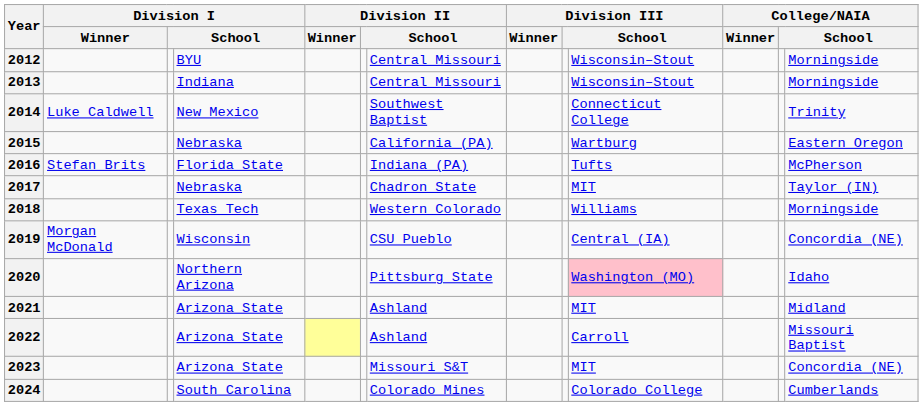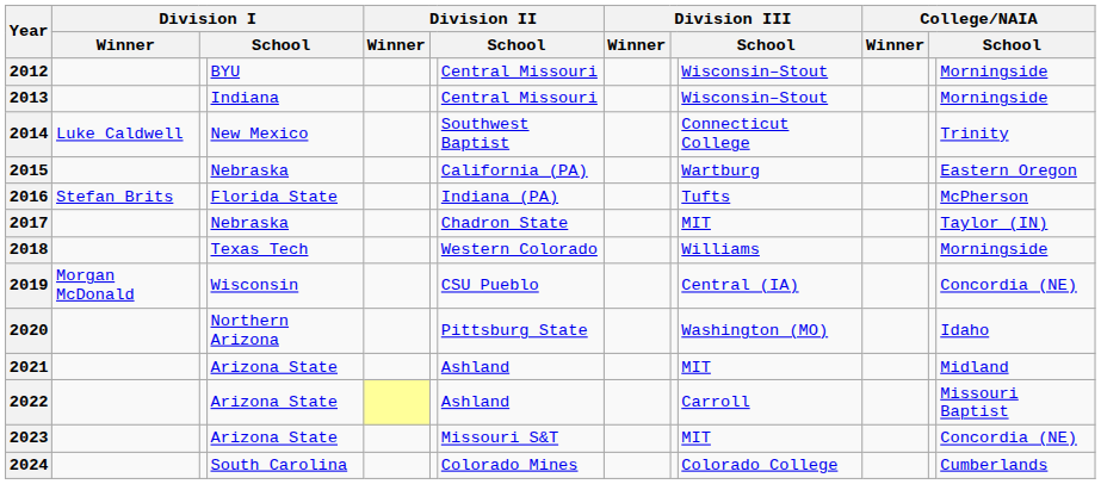 <table class="wikitable sortable">
 <tr>
 <th scope="col" rowspan=2>Year</th>
 <th scope="colgroup" colspan=3>Division I</th>
 <th scope="colgroup" colspan=3>Division II</th>
 <th scope="colgroup" colspan=3>Division III</th>
 <th scope="colgroup" colspan=3>College/NAIA</th>
 </tr>
 <tr>
 <th scope="col">Winner</th>
 <th scope="col" colspan=2>School</th>
 <th scope="col">Winner</th>
 <th scope="col" colspan=2>School</th>
 <th scope="col">Winner</th>
 <th scope="col" colspan=2>School</th>
 <th scope="col">Winner</th>
 <th scope="col" colspan=2>School</th>
 </tr>
 <tr>
 <th scope="row">2012</th>
 <td></td>
 <td style=></td>
 <td><a href='#'>BYU</a></td>
 <td></td>
 <td style=></td>
 <td><a href='#'>Central Missouri</a></td>
 <td></td>
 <td style=></td>
 <td><a href='#'>Wisconsin–Stout</a></td>
 <td></td>
 <td style=></td>
 <td><a href='#'>Morningside</a></td>
 </tr>
 <tr>
 <th scope="row">2013</th>
 <td></td>
 <td style=></td>
 <td><a href='#'>Indiana</a></td>
 <td></td>
 <td style=></td>
 <td><a href='#'>Central Missouri</a></td>
 <td></td>
 <td style=></td>
 <td><a href='#'>Wisconsin–Stout</a></td>
 <td></td>
 <td style=></td>
 <td><a href='#'>Morningside</a></td>
 </tr>
 <tr>
 <th scope="row">2014</th>
 <td data-sort-value="Caldwell, Luke"> <a href='#'>Luke Caldwell</a></td>
 <td style=></td>
 <td><a href='#'>New Mexico</a></td>
 <td></td>
 <td style=></td>
 <td><a href='#'>Southwest Baptist</a></td>
 <td></td>
 <td style=></td>
 <td><a href='#'>Connecticut College</a></td>
 <td></td>
 <td style=></td>
 <td><a href='#'>Trinity</a></td>
 </tr>
 <tr>
 <th scope="row">2015</th>
 <td></td>
 <td style=></td>
 <td><a href='#'>Nebraska</a></td>
 <td></td>
 <td style=></td>
 <td><a href='#'>California (PA)</a></td>
 <td></td>
 <td style=></td>
 <td><a href='#'>Wartburg</a></td>
 <td></td>
 <td style=></td>
 <td><a href='#'>Eastern Oregon</a></td>
 </tr>
 <tr>
 <th scope="row">2016</th>
 <td data-sort-value="Brits, Stefan"> <a href='#'>Stefan Brits</a></td>
 <td style=></td>
 <td><a href='#'>Florida State</a></td>
 <td></td>
 <td style=></td>
 <td><a href='#'>Indiana (PA)</a></td>
 <td></td>
 <td style=></td>
 <td><a href='#'>Tufts</a></td>
 <td></td>
 <td style=></td>
 <td><a href='#'>McPherson</a></td>
 </tr>
 <tr>
 <th scope="row">2017</th>
 <td></td>
 <td style=></td>
 <td><a href='#'>Nebraska</a></td>
 <td></td>
 <td style=></td>
 <td><a href='#'>Chadron State</a></td>
 <td></td>
 <td style=></td>
 <td><a href='#'>MIT</a></td>
 <td></td>
 <td style=></td>
 <td><a href='#'>Taylor (IN)</a></td>
 </tr>
 <tr>
 <th scope="row">2018</th>
 <td></td>
 <td style=></td>
 <td><a href='#'>Texas Tech</a></td>
 <td></td>
 <td style=></td>
 <td><a href='#'>Western Colorado</a></td>
 <td></td>
 <td style=></td>
 <td><a href='#'>Williams</a></td>
 <td></td>
 <td style=></td>
 <td><a href='#'>Morningside</a></td>
 </tr>
 <tr>
 <th scope="row">2019</th>
 <td data-sort-value="McDonald, Morgan"> <a href='#'>Morgan McDonald</a></td>
 <td style=></td>
 <td><a href='#'>Wisconsin</a></td>
 <td></td>
 <td style=></td>
 <td><a href='#'>CSU Pueblo</a></td>
 <td></td>
 <td style=></td>
 <td><a href='#'>Central (IA)</a></td>
 <td></td>
 <td style=></td>
 <td><a href='#'>Concordia (NE)</a></td>
 </tr>
 <tr>
 <th scope="row">2020</th>
 <td></td>
 <td style=></td>
 <td><a href='#'>Northern Arizona</a></td>
 <td></td>
 <td style=></td>
 <td><a href='#'>Pittsburg State</a></td>
 <td></td>
 <td style=></td>
-<td style="background: pink;"><a href='#'>Washington (MO)</a></td>
+<td><a href='#'>Washington (MO)</a></td>
 <td></td>
 <td style=></td>
 <td><a href='#'>Idaho</a></td>
 </tr>
 <tr>
 <th scope="row">2021</th>
 <td></td>
 <td style=></td>
 <td><a href='#'>Arizona State</a></td>
 <td></td>
 <td style=></td>
 <td><a href='#'>Ashland</a></td>
 <td></td>
 <td style=></td>
 <td><a href='#'>MIT</a></td>
 <td></td>
 <td style=></td>
 <td><a href='#'>Midland</a></td>
 </tr>
 <tr>
 <th scope="row">2022</th>
 <td></td>
 <td style=></td>
 <td><a href='#'>Arizona State</a></td>
 <td bgcolor=#FFFF99></td>
 <td style=></td>
 <td><a href='#'>Ashland</a></td>
 <td></td>
 <td style=></td>
 <td><a href='#'>Carroll</a></td>
 <td></td>
 <td style=></td>
 <td><a href='#'>Missouri Baptist</a></td>
 </tr>
 <tr>
 <th scope="row">2023</th>
 <td></td>
 <td style=></td>
 <td><a href='#'>Arizona State</a></td>
 <td></td>
 <td style=></td>
 <td><a href='#'>Missouri S&T</a></td>
 <td></td>
 <td style=></td>
 <td><a href='#'>MIT</a></td>
 <td></td>
 <td style=></td>
 <td><a href='#'>Concordia (NE)</a></td>
 </tr>
 <tr>
 <th scope="row">2024</th>
 <td></td>
 <td style=></td>
 <td><a href='#'>South Carolina</a></td>
 <td></td>
 <td style=></td>
 <td><a href='#'>Colorado Mines</a></td>
 <td></td>
 <td style=></td>
 <td><a href='#'>Colorado College</a></td>
 <td></td>
 <td style=></td>
 <td><a href='#'>Cumberlands</a></td>
 </tr>
 </table>
